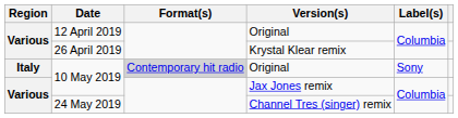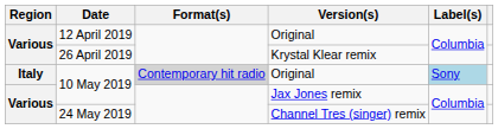 <table class="wikitable plainrowheaders">
 <tr>
 <th scope="col">Region</th>
 <th scope="col">Date</th>
 <th scope="col">Format(s)</th>
 <th scope="col">Version(s)</th>
 <th scope="col">Label(s)</th>
 <th scope="col"></th>
 </tr>
 <tr>
 <th scope="row" rowspan="2">Various</th>
 <td>12 April 2019</td>
 <td rowspan="2"></td>
 <td>Original</td>
 <td rowspan="2"><a href='#'>Columbia</a></td>
 <td></td>
 </tr>
 <tr>
 <td>26 April 2019</td>
 <td>Krystal Klear remix</td>
 <td></td>
 </tr>
 <tr>
 <th scope="row">Italy</th>
 <td rowspan="2">10 May 2019</td>
 <td style="background: lightgrey;"><a href='#'>Contemporary hit radio</a></td>
 <td>Original</td>
-<td><a href='#'>Sony</a></td>
+<td style="background: lightblue;"><a href='#'>Sony</a></td>
 <td></td>
 </tr>
 <tr>
 <th scope="row" rowspan="2">Various</th>
 <td rowspan="2"></td>
 <td><a href='#'>Jax Jones</a> remix</td>
 <td rowspan="2"><a href='#'>Columbia</a></td>
 <td></td>
 </tr>
 <tr>
 <td>24 May 2019</td>
 <td><a href='#'>Channel Tres (singer)</a> remix</td>
 <td></td>
 </tr>
 </table>
